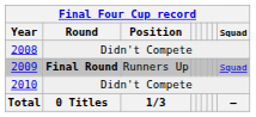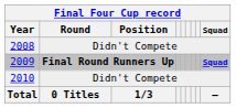 <table class="wikitable" style="text-align: center;">
 <tr>
 <th colspan=9><a href='#'>Final Four Cup record</a></th>
 </tr>
 <tr>
 <th>Year</th>
 <th>Round</th>
 <th>Position</th>
 <th></th>
 <th></th>
 <th></th>
 <th></th>
 <th></th>
 <th><small>Squad</small></th>
 </tr>
 <tr bgcolor="efefef">
 <td> <a href='#'>2008</a></td>
 <td colspan=8>Didn't Compete</td>
 </tr>
 <tr bgcolor=silver>
 <td> <a href='#'>2009</a></td>
 <td><strong>Final Round</strong></td>
-<td>Runners Up</td>
+<td><strong>Runners Up</strong></td>
 <td></td>
 <td></td>
 <td></td>
 <td></td>
 <td></td>
-<td><small><a href='#'>Squad</a></small></td>
+<td><strong><small><a href='#'>Squad</a></small></strong></td>
 </tr>
 <tr bgcolor="efefef">
 <td> <a href='#'>2010</a></td>
 <td colspan=8>Didn't Compete</td>
 </tr>
 <tr>
 <th>Total</th>
 <th>0 Titles</th>
 <th>1/3</th>
 <th></th>
 <th></th>
 <th></th>
 <th></th>
 <th></th>
 <th>—</th>
 </tr>
 </table>
